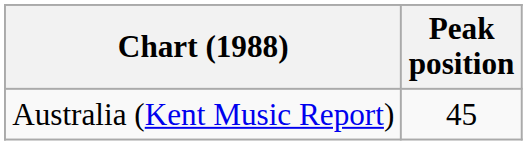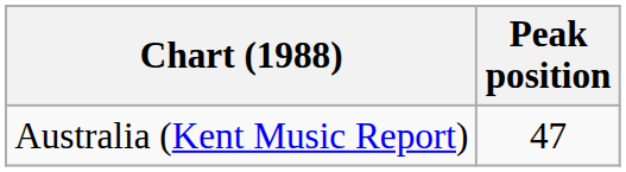 <table class="wikitable">
 <tr>
 <th scope="col">Chart (1988)</th>
 <th>Peak<br>position</th>
 </tr>
 <tr>
 <td>Australia (<a href='#'>Kent Music Report</a>)</td>
-<td style="text-align:center;">45</td>
+<td style="text-align:center;">47</td>
 </tr>
 </table>
